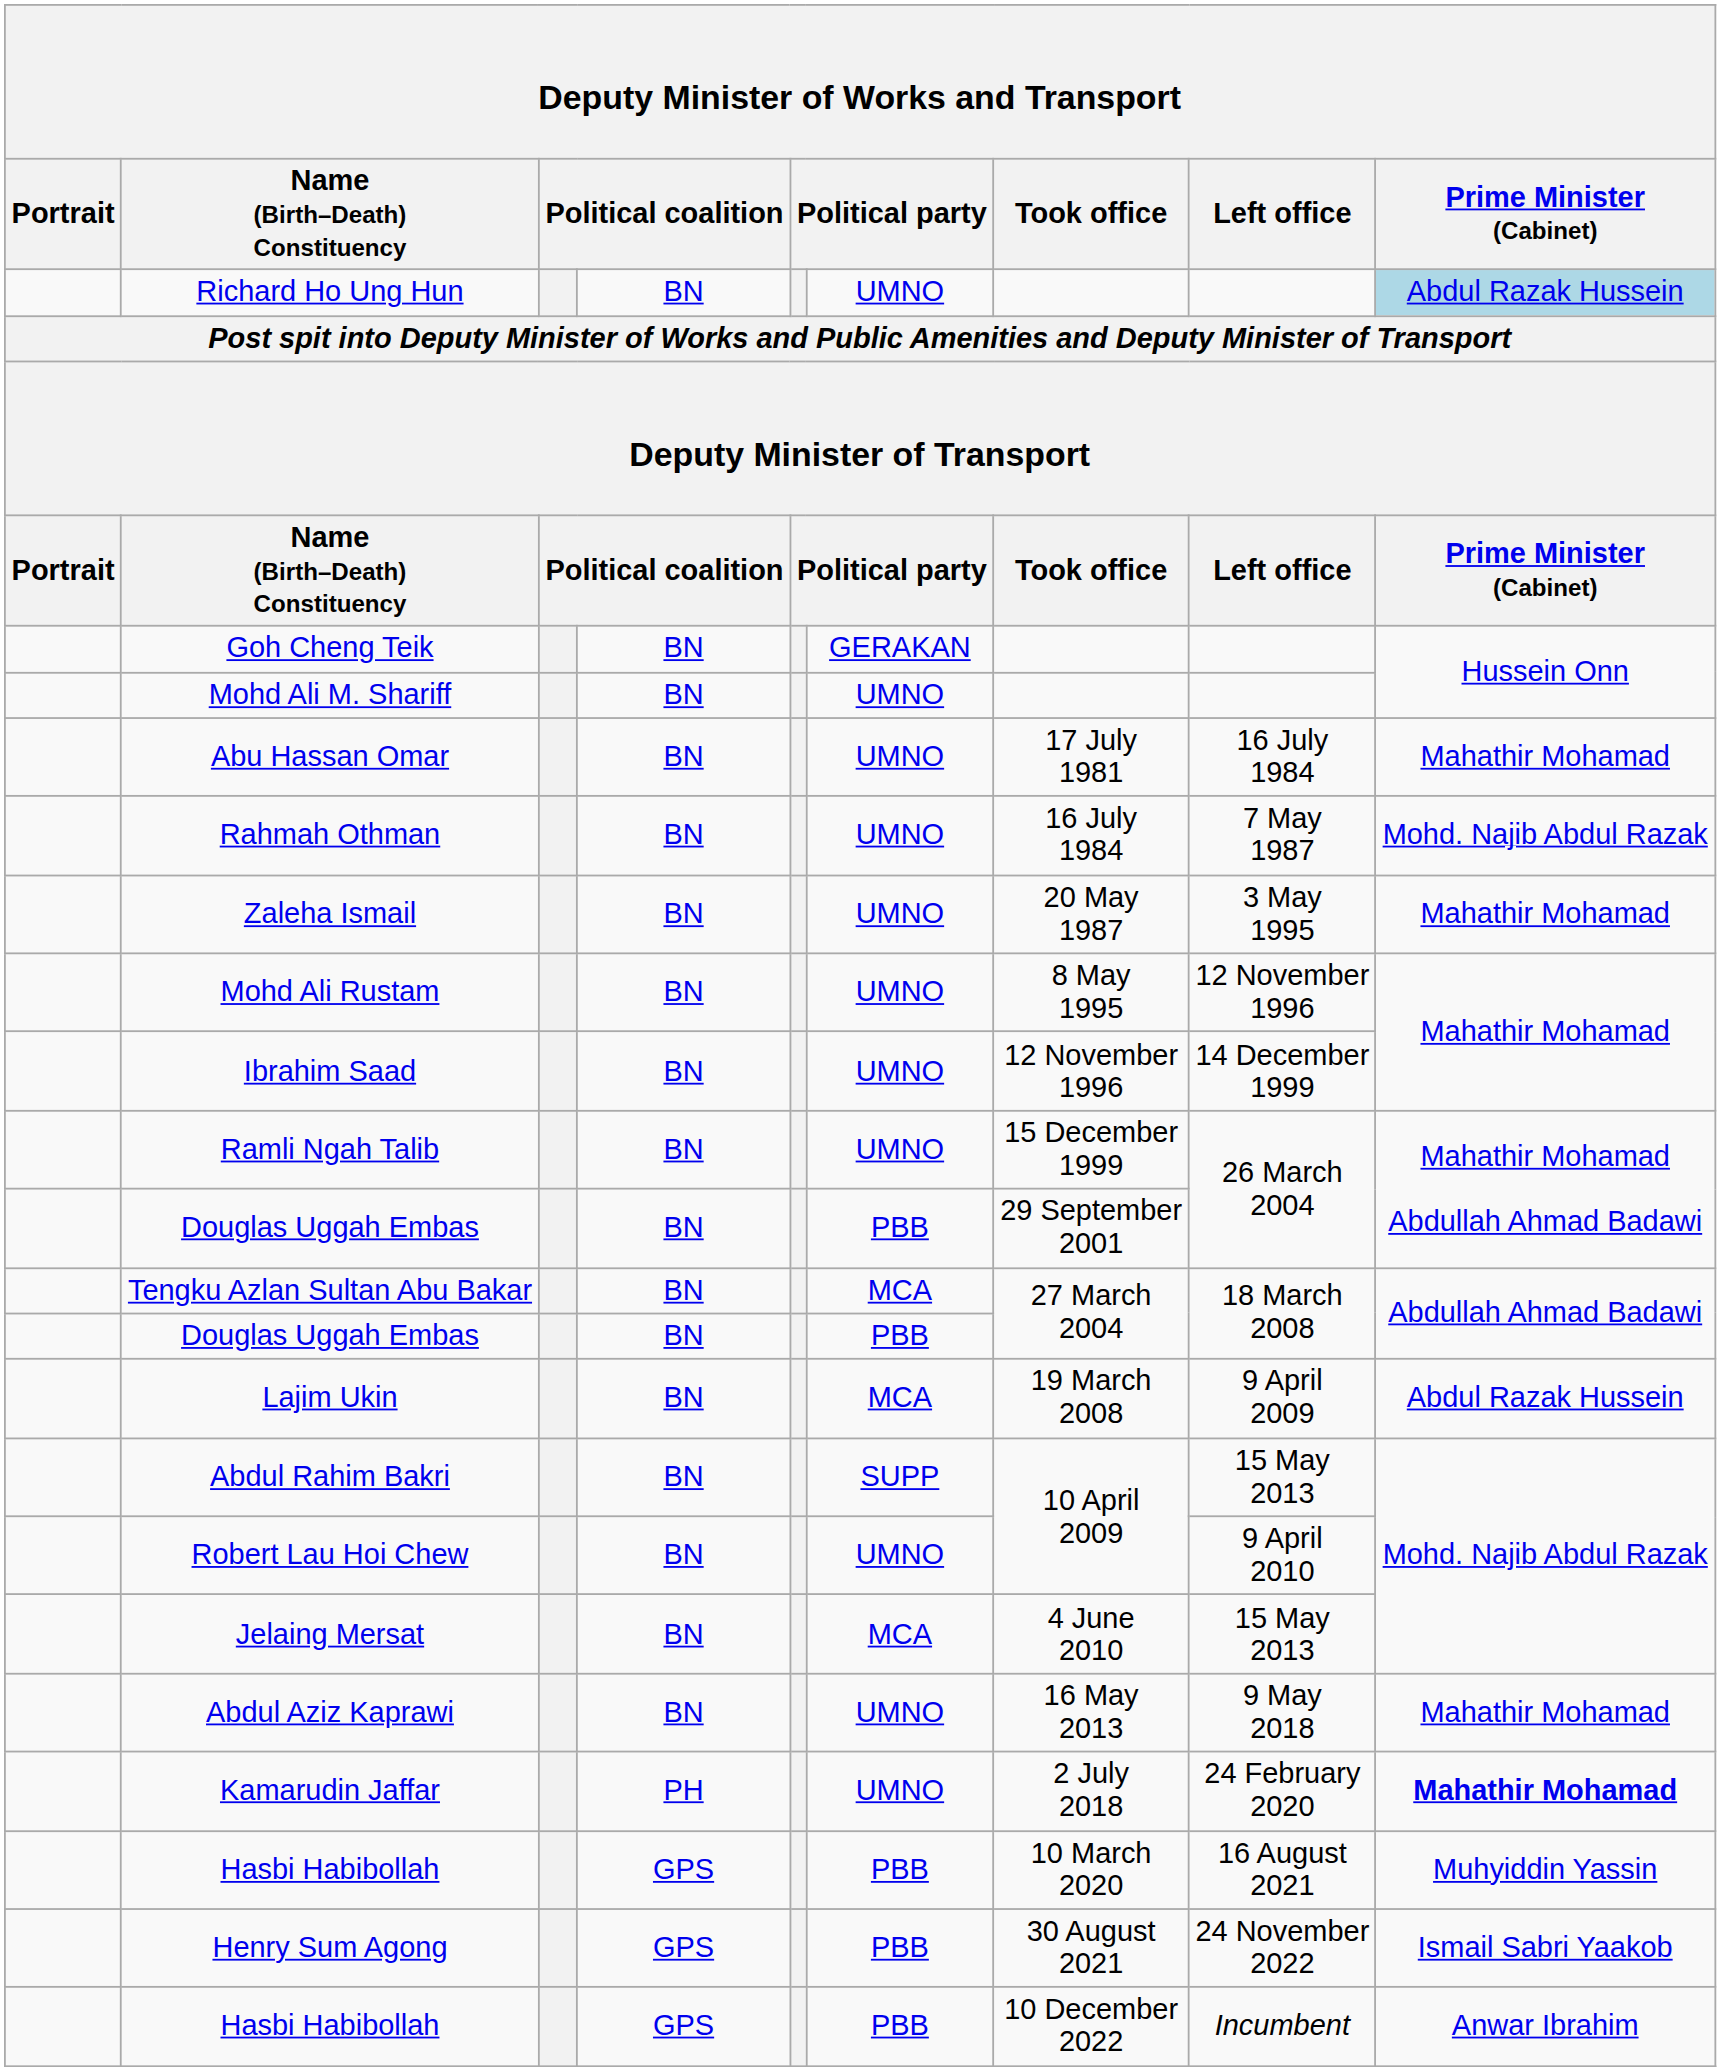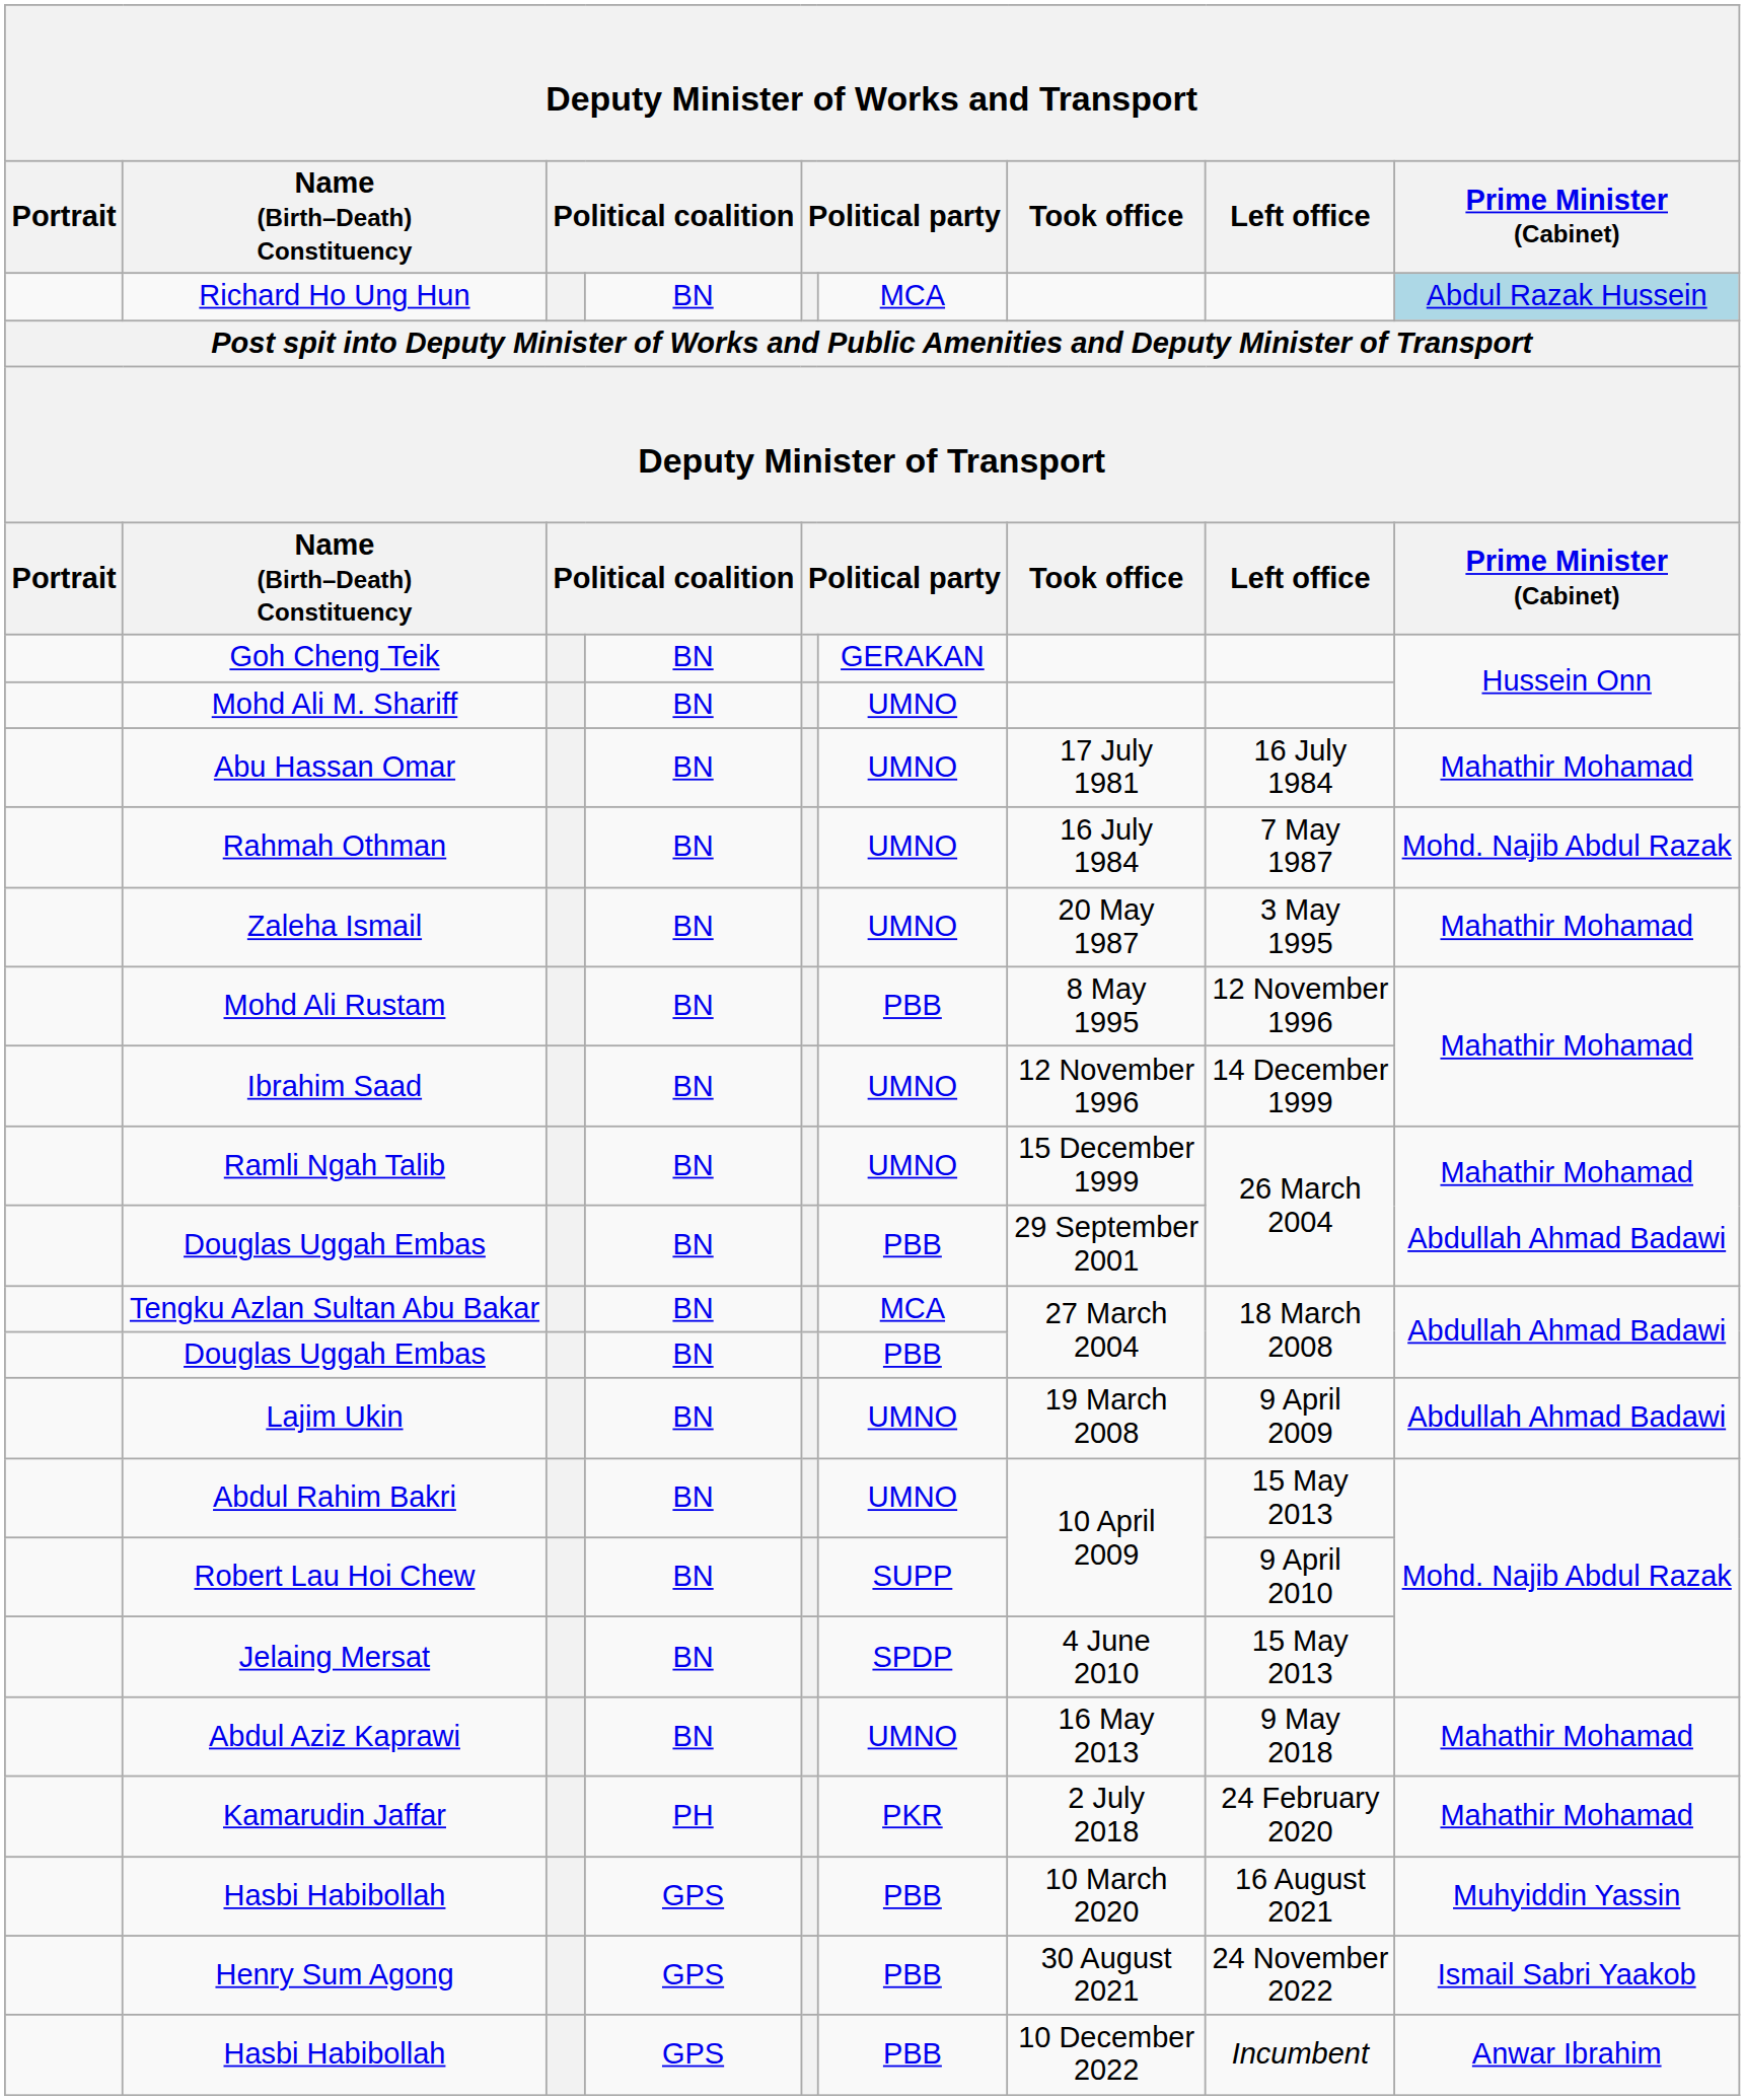 <table class="wikitable" style="text-align:center;">
 <tr>
 <th colspan="9"><br><h3>Deputy Minister of Works and Transport</h3></th>
 </tr>
 <tr>
 <th>Portrait</th>
 <th>Name<br><small>(Birth–Death)<br>Constituency</small></th>
 <th colspan="2">Political coalition</th>
 <th colspan="2">Political party</th>
 <th>Took office</th>
 <th>Left office</th>
 <th><a href='#'>Prime Minister</a><br><small>(Cabinet)</small></th>
 </tr>
 <tr>
 <td></td>
 <td><a href='#'>Richard Ho Ung Hun</a><br></td>
 <th style="background:"></th>
 <td><a href='#'>BN</a></td>
 <th style="background:"></th>
-<td><a href='#'>UMNO</a></td>
+<td><a href='#'>MCA</a></td>
 <td></td>
 <td></td>
 <td style="background: lightblue;"><a href='#'>Abdul Razak Hussein</a><br></td>
 </tr>
 <tr>
 <th colspan="9"><em>Post spit into Deputy Minister of Works and Public Amenities and Deputy Minister of Transport</em></th>
 </tr>
 <tr>
 <th colspan="9"><br><h3>Deputy Minister of Transport</h3></th>
 </tr>
 <tr>
 <th>Portrait</th>
 <th>Name<br><small>(Birth–Death)<br>Constituency</small></th>
 <th colspan="2">Political coalition</th>
 <th colspan="2">Political party</th>
 <th>Took office</th>
 <th>Left office</th>
 <th><a href='#'>Prime Minister</a><br><small>(Cabinet)</small></th>
 </tr>
 <tr>
 <td></td>
 <td><a href='#'>Goh Cheng Teik</a><br></td>
 <th style="background:"></th>
 <td><a href='#'>BN</a></td>
 <th style="background:"></th>
 <td><a href='#'>GERAKAN</a></td>
 <td></td>
 <td></td>
 <td rowspan=2><a href='#'>Hussein Onn</a><br></td>
 </tr>
 <tr>
 <td></td>
 <td><a href='#'>Mohd Ali M. Shariff</a><br></td>
 <th style="background:"></th>
 <td><a href='#'>BN</a></td>
 <th style="background:"></th>
 <td><a href='#'>UMNO</a></td>
 <td></td>
 <td></td>
 </tr>
 <tr>
 <td></td>
 <td><a href='#'>Abu Hassan Omar</a><br></td>
 <th style="background:"></th>
 <td><a href='#'>BN</a></td>
 <th style="background:"></th>
 <td><a href='#'>UMNO</a></td>
 <td>17 July<br>1981</td>
 <td>16 July<br>1984</td>
 <td><a href='#'>Mahathir Mohamad</a><br></td>
 </tr>
 <tr>
 <td></td>
 <td><a href='#'>Rahmah Othman</a><br></td>
 <th style="background:"></th>
 <td><a href='#'>BN</a></td>
 <th style="background:"></th>
 <td><a href='#'>UMNO</a></td>
 <td>16 July<br>1984</td>
 <td>7 May<br>1987</td>
 <td><a href='#'>Mohd. Najib Abdul Razak</a><br></td>
 </tr>
 <tr>
 <td></td>
 <td><a href='#'>Zaleha Ismail</a><br></td>
 <th style="background:"></th>
 <td><a href='#'>BN</a></td>
 <th style="background:"></th>
 <td><a href='#'>UMNO</a></td>
 <td>20 May<br>1987</td>
 <td>3 May<br>1995</td>
 <td><a href='#'>Mahathir Mohamad</a><br></td>
 </tr>
 <tr>
 <td></td>
 <td><a href='#'>Mohd Ali Rustam</a><br></td>
 <th style="background:"></th>
 <td><a href='#'>BN</a></td>
 <th style="background:"></th>
-<td><a href='#'>UMNO</a></td>
+<td><a href='#'>PBB</a></td>
 <td>8 May<br>1995</td>
 <td>12 November<br>1996</td>
 <td rowspan=2><a href='#'>Mahathir Mohamad</a><br></td>
 </tr>
 <tr>
 <td></td>
 <td><a href='#'>Ibrahim Saad</a><br></td>
 <th style="background:"></th>
 <td><a href='#'>BN</a></td>
 <th style="background:"></th>
 <td><a href='#'>UMNO</a></td>
 <td>12 November<br>1996</td>
 <td>14 December<br>1999</td>
 </tr>
 <tr>
 <td></td>
 <td><a href='#'>Ramli Ngah Talib</a><br></td>
 <th style="background:"></th>
 <td><a href='#'>BN</a></td>
 <th style="background:"></th>
 <td><a href='#'>UMNO</a></td>
 <td>15 December<br>1999</td>
 <td rowspan=2>26 March<br>2004</td>
 <td rowspan=2><a href='#'>Mahathir Mohamad</a><br><br><a href='#'>Abdullah Ahmad Badawi</a><br></td>
 </tr>
 <tr>
 <td></td>
 <td><a href='#'>Douglas Uggah Embas</a><br></td>
 <th style="background:"></th>
 <td><a href='#'>BN</a></td>
 <th style="background:"></th>
 <td><a href='#'>PBB</a></td>
 <td>29 September<br>2001</td>
 </tr>
 <tr>
 <td></td>
 <td><a href='#'>Tengku Azlan Sultan Abu Bakar</a><br></td>
 <th style="background:"></th>
 <td><a href='#'>BN</a></td>
 <th style="background:"></th>
 <td><a href='#'>MCA</a></td>
 <td rowspan=2>27 March<br>2004</td>
 <td rowspan=2>18 March<br>2008</td>
 <td rowspan=2><a href='#'>Abdullah Ahmad Badawi</a><br></td>
 </tr>
 <tr>
 <td></td>
 <td><a href='#'>Douglas Uggah Embas</a><br></td>
 <th style="background:"></th>
 <td><a href='#'>BN</a></td>
 <th style="background:"></th>
 <td><a href='#'>PBB</a></td>
 </tr>
 <tr>
 <td></td>
 <td><a href='#'>Lajim Ukin</a><br></td>
 <th style="background:"></th>
 <td><a href='#'>BN</a></td>
 <th style="background:"></th>
-<td><a href='#'>MCA</a></td>
+<td><a href='#'>UMNO</a></td>
 <td>19 March<br>2008</td>
 <td>9 April<br>2009</td>
-<td><a href='#'>Abdul Razak Hussein</a><br></td>
+<td><a href='#'>Abdullah Ahmad Badawi</a><br></td>
 </tr>
 <tr>
 <td></td>
 <td><a href='#'>Abdul Rahim Bakri</a><br></td>
 <th style="background:"></th>
 <td><a href='#'>BN</a></td>
 <th style="background:"></th>
-<td><a href='#'>SUPP</a></td>
+<td><a href='#'>UMNO</a></td>
 <td rowspan=2>10 April<br>2009</td>
 <td>15 May<br>2013</td>
 <td rowspan=3><a href='#'>Mohd. Najib Abdul Razak</a><br></td>
 </tr>
 <tr>
 <td></td>
 <td><a href='#'>Robert Lau Hoi Chew</a><br></td>
 <th style="background:"></th>
 <td><a href='#'>BN</a></td>
 <th style="background:"></th>
-<td><a href='#'>UMNO</a></td>
+<td><a href='#'>SUPP</a></td>
 <td>9 April<br>2010</td>
 </tr>
 <tr>
 <td></td>
 <td><a href='#'>Jelaing Mersat</a><br></td>
 <th style="background:"></th>
 <td><a href='#'>BN</a></td>
 <th style="background:"></th>
-<td><a href='#'>MCA</a></td>
+<td><a href='#'>SPDP</a></td>
 <td>4 June<br>2010</td>
 <td>15 May<br>2013</td>
 </tr>
 <tr>
 <td></td>
 <td><a href='#'>Abdul Aziz Kaprawi</a><br></td>
 <th style="background:"></th>
 <td><a href='#'>BN</a></td>
 <th style="background:"></th>
 <td><a href='#'>UMNO</a></td>
 <td>16 May<br>2013</td>
 <td>9 May<br>2018</td>
 <td><a href='#'>Mahathir Mohamad</a><br></td>
 </tr>
 <tr>
 <td></td>
 <td><a href='#'>Kamarudin Jaffar</a><br></td>
 <th style="background:"></th>
 <td><a href='#'>PH</a></td>
 <th style="background:"></th>
-<td><a href='#'>UMNO</a></td>
+<td><a href='#'>PKR</a></td>
 <td>2 July<br>2018</td>
 <td>24 February<br>2020</td>
-<td><strong><a href='#'>Mahathir Mohamad</a><br></strong></td>
+<td><a href='#'>Mahathir Mohamad</a><br></td>
 </tr>
 <tr>
 <td></td>
 <td><a href='#'>Hasbi Habibollah</a><br></td>
 <th style="background:"></th>
 <td><a href='#'>GPS</a></td>
 <th style="background:"></th>
 <td><a href='#'>PBB</a></td>
 <td>10 March<br>2020</td>
 <td>16 August<br>2021</td>
 <td><a href='#'>Muhyiddin Yassin</a><br></td>
 </tr>
 <tr>
 <td></td>
 <td><a href='#'>Henry Sum Agong</a><br></td>
 <th style="background:"></th>
 <td><a href='#'>GPS</a></td>
 <th style="background:"></th>
 <td><a href='#'>PBB</a></td>
 <td>30 August<br>2021</td>
 <td>24 November<br>2022</td>
 <td><a href='#'>Ismail Sabri Yaakob</a><br></td>
 </tr>
 <tr>
 <td></td>
 <td><a href='#'>Hasbi Habibollah</a><br></td>
 <th style="background:"></th>
 <td><a href='#'>GPS</a></td>
 <th style="background:"></th>
 <td><a href='#'>PBB</a></td>
 <td>10 December<br>2022</td>
 <td><em>Incumbent</em></td>
 <td><a href='#'>Anwar Ibrahim</a><br></td>
 </tr>
 <tr>
 </tr>
 </table>
